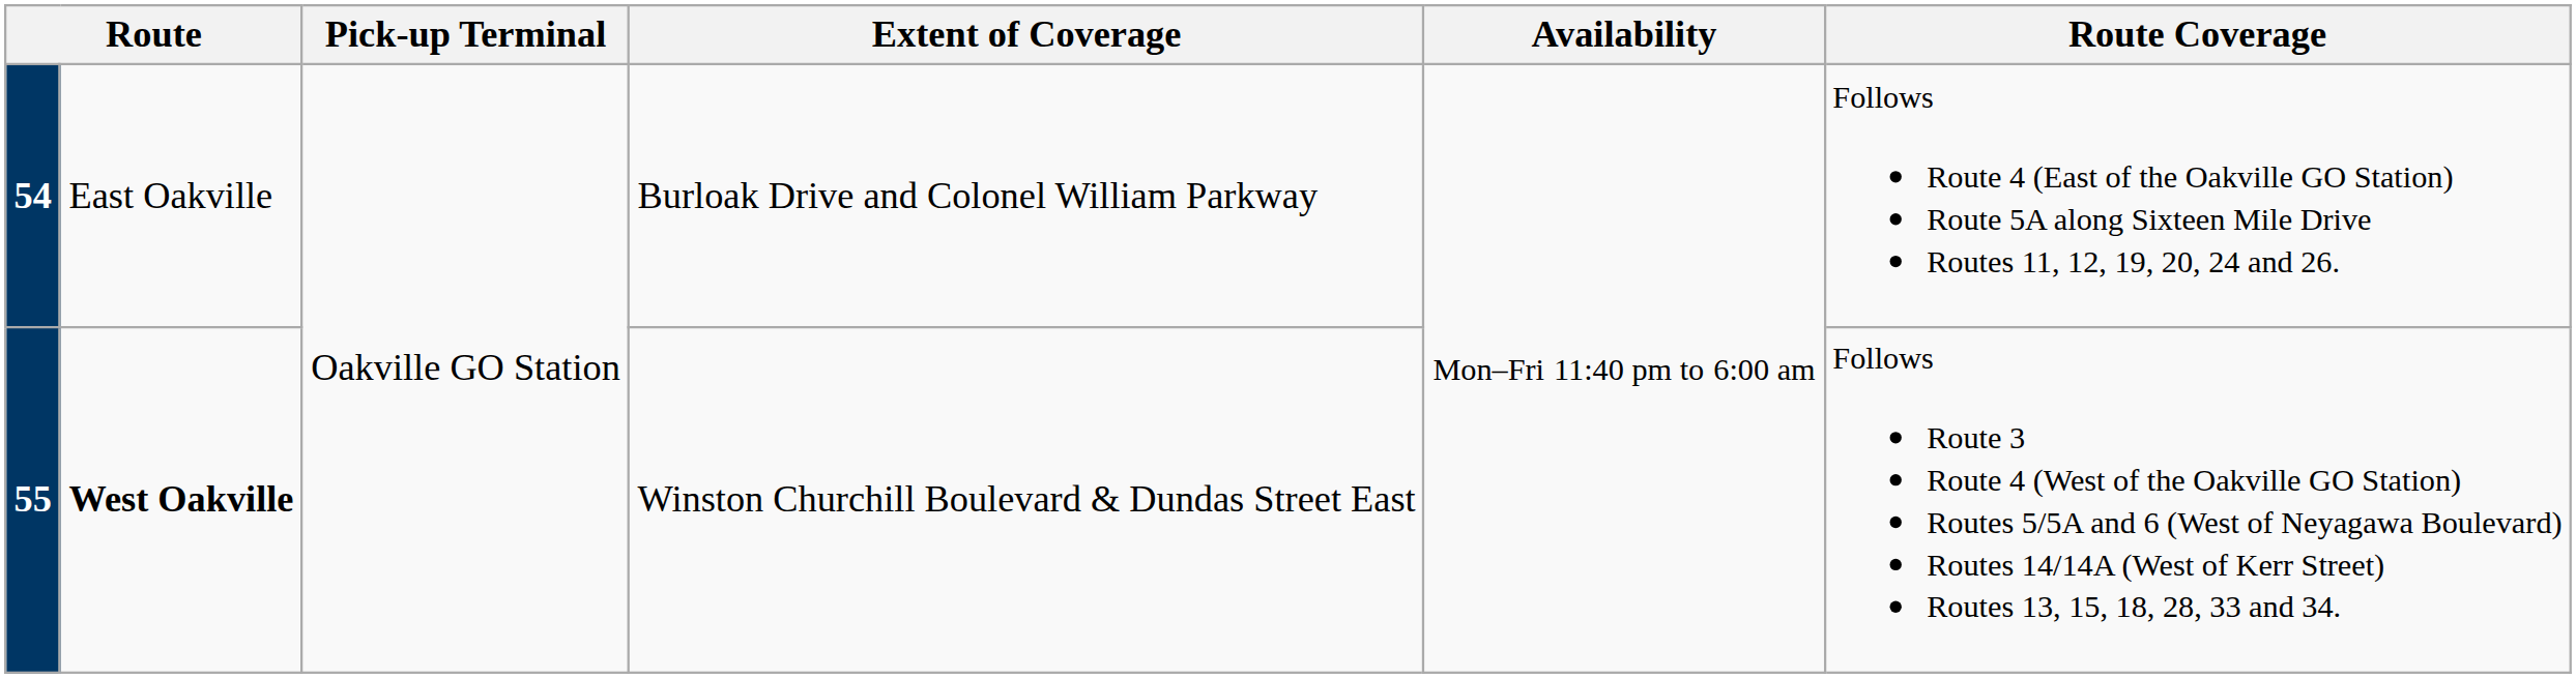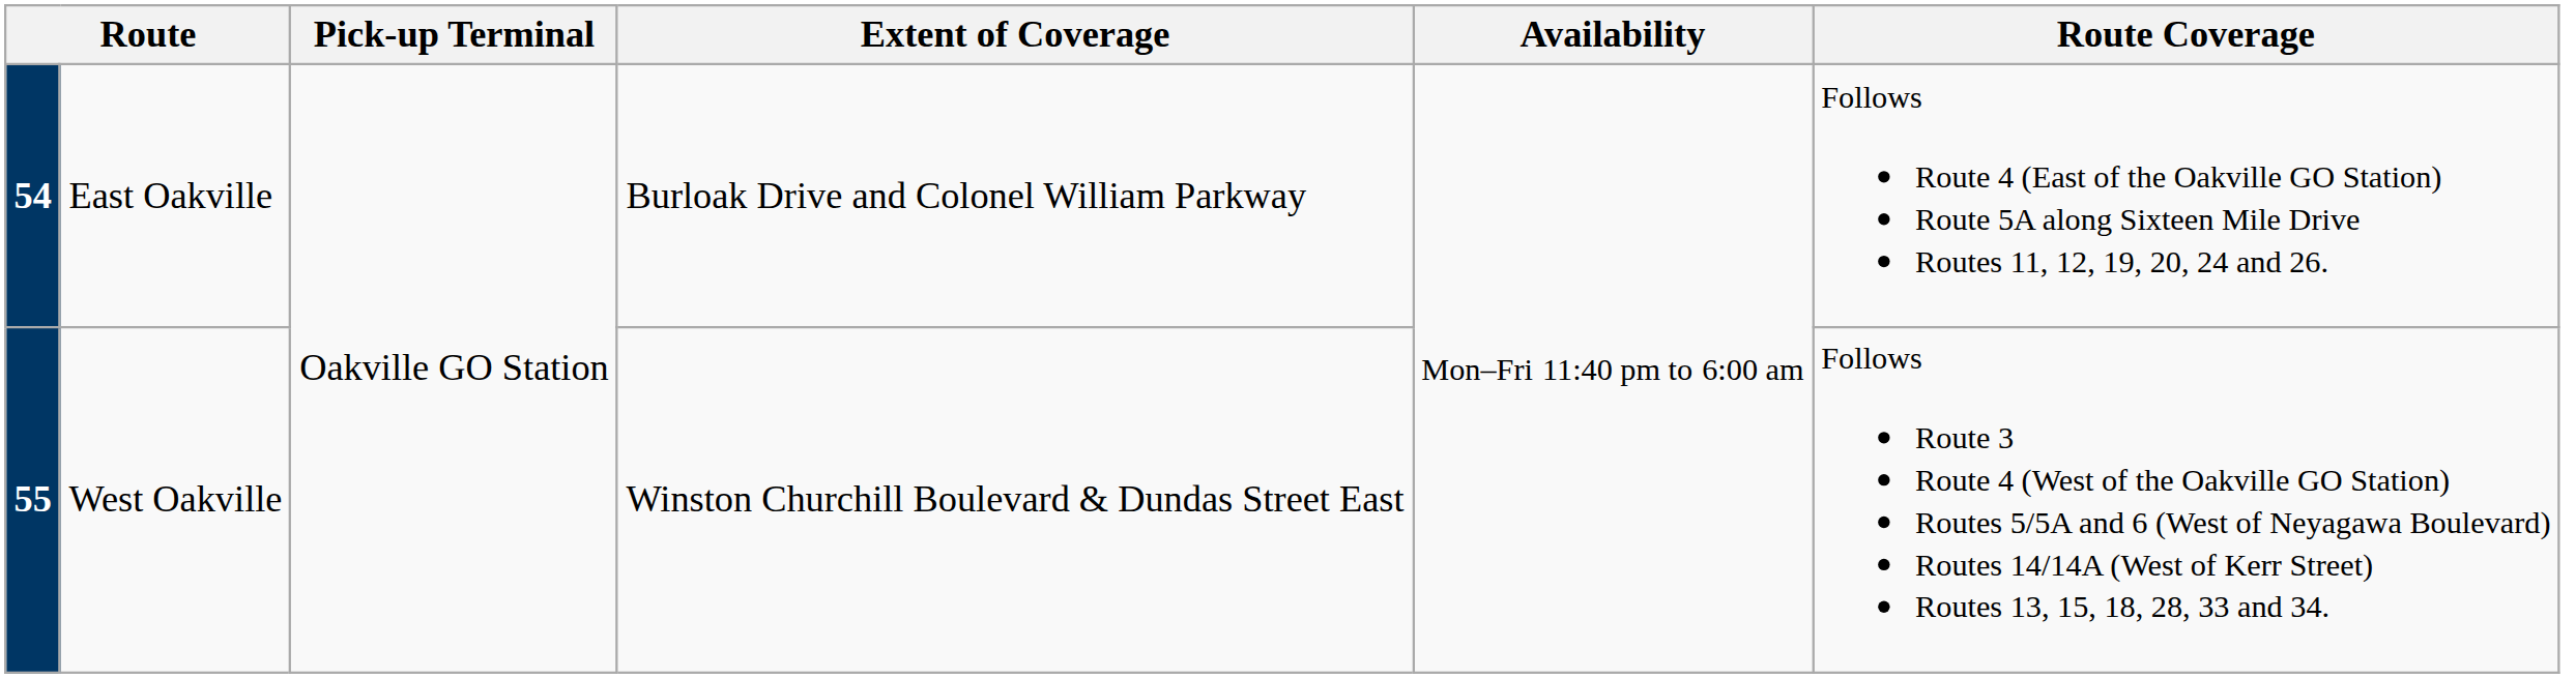 <table class="wikitable sortable">
 <tr>
 <th colspan="2">Route</th>
 <th>Pick-up Terminal</th>
 <th>Extent of Coverage</th>
 <th>Availability</th>
 <th>Route Coverage</th>
 </tr>
 <tr>
 <th style="background:#003664;color:white" align="center" valign="center">54</th>
 <td>East Oakville</td>
 <td rowspan="2">Oakville GO Station</td>
 <td>Burloak Drive and Colonel William Parkway</td>
 <td rowspan="2"><small>Mon–Fri</small> <small>11:40 pm to</small> <small>6:00 am</small></td>
 <td><small>Follows</small><br><ul><li><small>Route 4 (East of the Oakville GO Station)</small></li><li><small>Route 5A along Sixteen Mile Drive</small></li><li><small>Routes 11, 12, 19, 20, 24 and 26.</small></li></ul></td>
 </tr>
 <tr>
 <th style="background:#003664;color:white" align="center" valign="center">55</th>
-<td><strong>West Oakville</strong></td>
+<td>West Oakville</td>
 <td>Winston Churchill Boulevard & Dundas Street East</td>
 <td><small>Follows</small><br><ul><li><small>Route 3</small></li><li><small>Route 4 (West of the Oakville GO Station)</small></li><li><small>Routes 5/5A and 6 (West of Neyagawa Boulevard)</small></li><li><small>Routes 14/14A (West of Kerr Street)</small></li><li><small>Routes 13, 15, 18, 28, 33 and 34.</small></li></ul></td>
 </tr>
 </table>
